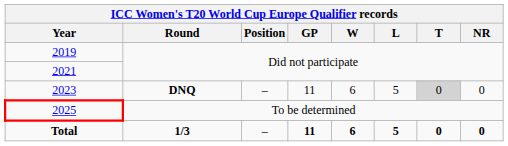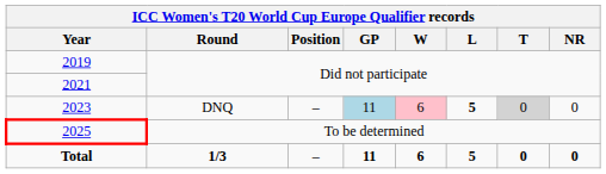 <table class="wikitable" style="text-align: center; width=900px;">
 <tr>
 <th colspan=9><a href='#'>ICC Women's T20 World Cup Europe Qualifier</a> records</th>
 </tr>
 <tr>
 <th width=150>Year</th>
 <th width=150>Round</th>
 <th width=50>Position</th>
 <th width=50>GP</th>
 <th width=50>W</th>
 <th width=50>L</th>
 <th width=50>T</th>
 <th width=50>NR</th>
 </tr>
 <tr>
 <td> <a href='#'>2019</a></td>
 <td colspan=8 rowspan=2>Did not participate</td>
 </tr>
 <tr>
 <td> <a href='#'>2021</a></td>
 </tr>
 <tr>
 <td>  <a href='#'>2023</a></td>
-<td><strong>DNQ</strong></td>
+<td>DNQ</td>
 <td>–</td>
-<td>11</td>
-<td>6</td>
-<td>5</td>
+<td style="background: lightblue;">11</td>
+<td style="background: pink;">6</td>
+<td><strong>5</strong></td>
 <td style="background: lightgrey;">0</td>
 <td>0</td>
 </tr>
 <tr>
 <td style="border: 3px solid red"> <a href='#'>2025</a></td>
 <td colspan=8>To be determined</td>
 </tr>
 <tr>
 <td><strong>Total</strong></td>
 <td><strong>1/3</strong></td>
 <td>–</td>
 <td><strong>11</strong></td>
 <td><strong>6</strong></td>
 <td><strong>5</strong></td>
 <td><strong>0</strong></td>
 <td><strong>0</strong></td>
 </tr>
 </table>
